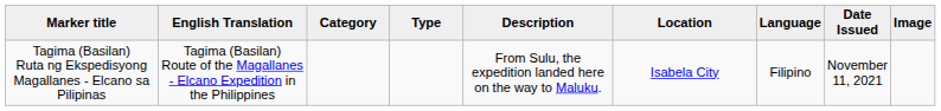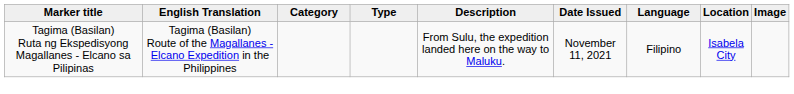 <table class="wikitable" style="width:90%; text-align:center;">
 <tr>
 <th style="width:20%; background:#efefef;">Marker title</th>
 <th style="width:20%; background:#efefef;">English Translation</th>
 <th style="width:10%; background:#efefef;">Category</th>
 <th style="width:10%; background:#efefef;">Type</th>
 <th style="width:20%; background:#efefef;">Description</th>
+<th style="width:10%; background:#efefef;">Date Issued</th>
+<th style="width:10%; background:#efefef;">Language</th>
 <th style="width:20%; background:#efefef;">Location</th>
-<th style="width:10%; background:#efefef;">Language</th>
-<th style="width:10%; background:#efefef;">Date Issued</th>
 <th style="width:10%; background:#efefef;">Image</th>
 </tr>
 <tr>
 <td>Tagima (Basilan)<br>Ruta ng Ekspedisyong Magallanes - Elcano sa Pilipinas</td>
 <td>Tagima (Basilan)<br>Route of the <a href='#'>Magallanes - Elcano Expedition</a> in the Philippines</td>
 <td></td>
 <td></td>
 <td>From Sulu, the expedition landed here on the way to <a href='#'>Maluku</a>.</td>
+<td>November 11, 2021</td>
+<td>Filipino</td>
 <td><a href='#'>Isabela City</a></td>
-<td>Filipino</td>
-<td>November 11, 2021</td>
 <td></td>
 </tr>
 </table>
